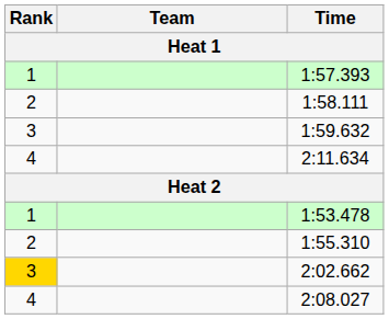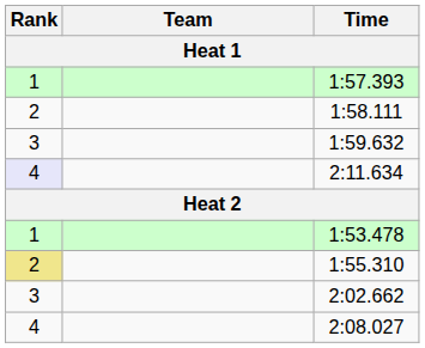 <table class=wikitable style="text-align:center">
 <tr>
 <th width=40>Rank</th>
 <th width=200>Team</th>
 <th width=80>Time</th>
 </tr>
 <tr>
 <th colspan=3>Heat 1</th>
 </tr>
 <tr bgcolor="#ccffcc">
 <td>1</td>
 <td align=left></td>
 <td>1:57.393</td>
 </tr>
 <tr>
 <td>2</td>
 <td align=left></td>
 <td>1:58.111</td>
 </tr>
 <tr>
 <td>3</td>
 <td align=left></td>
 <td>1:59.632</td>
 </tr>
 <tr>
-<td>4</td>
+<td style="background: lavender;">4</td>
 <td align=left></td>
 <td>2:11.634</td>
 </tr>
 <tr>
 <th colspan=3>Heat 2</th>
 </tr>
 <tr bgcolor="#ccffcc">
 <td>1</td>
 <td align=left></td>
 <td>1:53.478</td>
 </tr>
 <tr>
-<td>2</td>
+<td style="background: khaki;">2</td>
 <td align=left></td>
 <td>1:55.310</td>
 </tr>
 <tr>
-<td style="background: gold;">3</td>
+<td>3</td>
 <td align=left></td>
 <td>2:02.662</td>
 </tr>
 <tr>
 <td>4</td>
 <td align=left></td>
 <td>2:08.027</td>
 </tr>
 </table>
